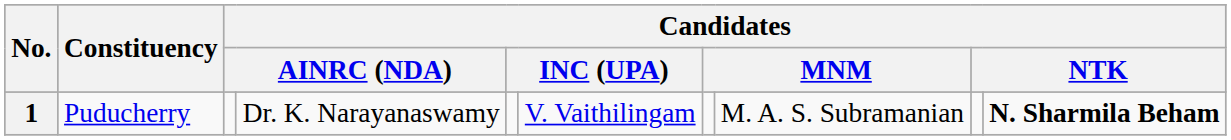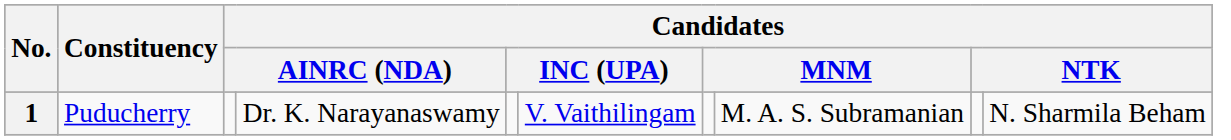 <table class="wikitable sortable">
 <tr>
 <th rowspan="2">No.</th>
 <th rowspan="2">Constituency</th>
 <th colspan="8">Candidates</th>
 </tr>
 <tr>
 <th colspan="2"><a href='#'>AINRC</a> (<a href='#'>NDA</a>)</th>
 <th colspan="2"><a href='#'>INC</a> (<a href='#'>UPA</a>)</th>
 <th colspan="2"><a href='#'>MNM</a></th>
 <th colspan="2"><a href='#'>NTK</a></th>
 </tr>
 <tr>
 <th>1</th>
 <td><a href='#'>Puducherry</a></td>
 <td style="background:"></td>
 <td>Dr. K. Narayanaswamy</td>
 <td style="background:"></td>
 <td><a href='#'>V. Vaithilingam</a></td>
 <td style="background:"></td>
 <td>M. A. S. Subramanian</td>
 <td style="background:"></td>
-<td><strong>N. Sharmila Beham</strong></td>
+<td>N. Sharmila Beham</td>
 </tr>
 </table>
